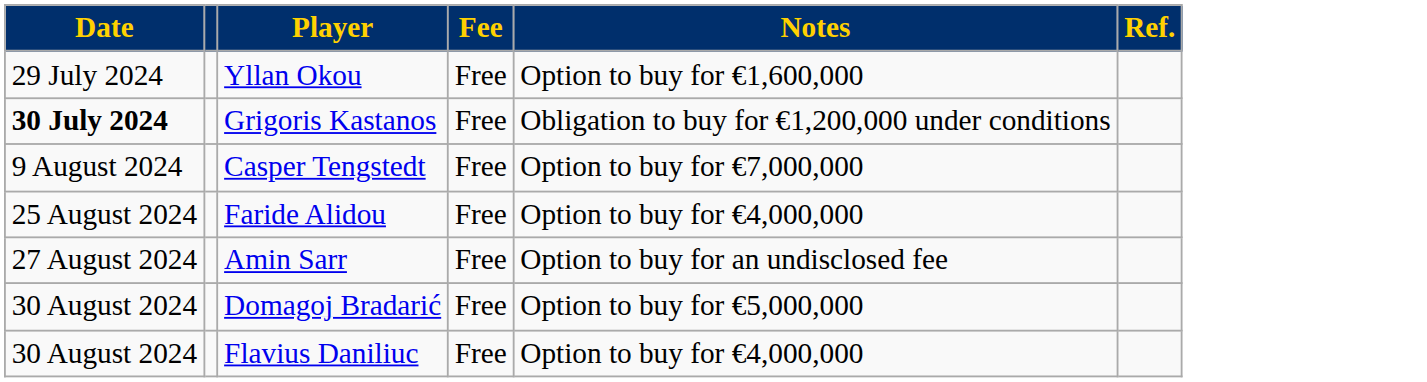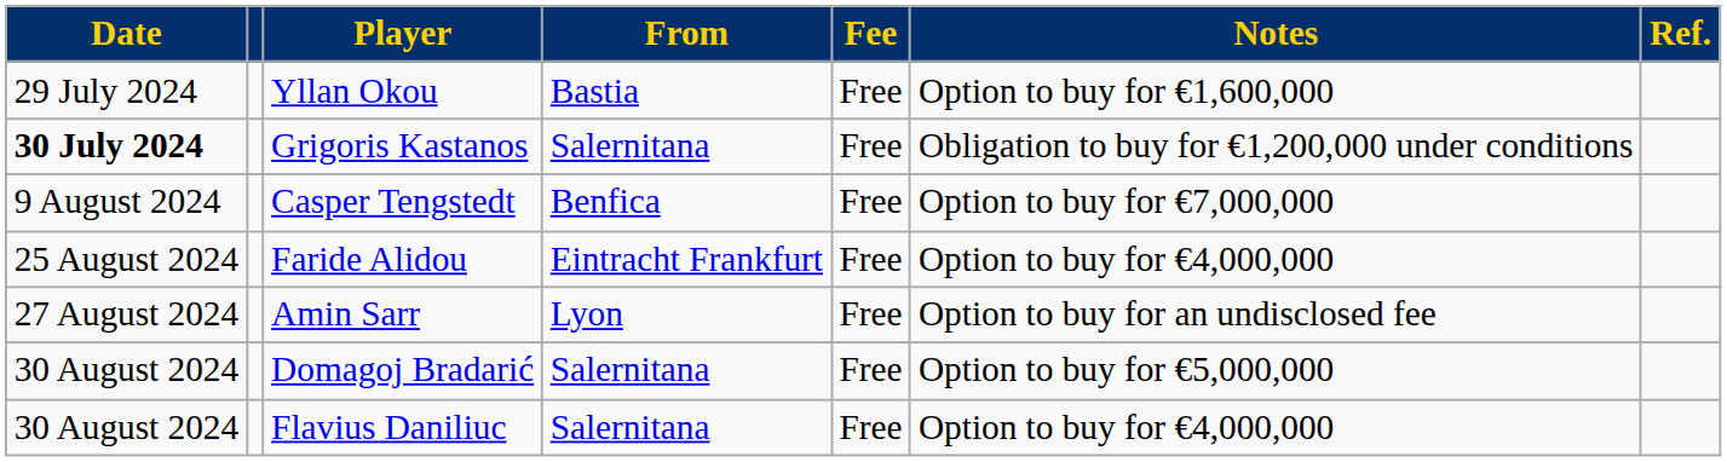 <table class="wikitable plainrowheaders">
 <tr>
 <th style="background:#002F6C;color:#FFD100">Date</th>
 <th style="background:#002F6C;color:#FFD100"></th>
 <th style="background:#002F6C;color:#FFD100">Player</th>
+<th style="background:#002F6C;color:#FFD100">From</th>
 <th style="background:#002F6C;color:#FFD100">Fee</th>
 <th style="background:#002F6C;color:#FFD100">Notes</th>
 <th style="background:#002F6C;color:#FFD100">Ref.</th>
 </tr>
 <tr>
 <td>29 July 2024</td>
 <td align="center"></td>
 <td> <a href='#'>Yllan Okou</a></td>
+<td> <a href='#'>Bastia</a></td>
 <td>Free</td>
 <td>Option to buy for €1,600,000</td>
 <td></td>
 </tr>
 <tr>
 <td><strong>30 July 2024</strong></td>
 <td></td>
 <td> <a href='#'>Grigoris Kastanos</a></td>
+<td> <a href='#'>Salernitana</a></td>
 <td>Free</td>
 <td>Obligation to buy for €1,200,000 under conditions</td>
 <td></td>
 </tr>
 <tr>
 <td>9 August 2024</td>
 <td></td>
 <td> <a href='#'>Casper Tengstedt</a></td>
+<td> <a href='#'>Benfica</a></td>
 <td>Free</td>
 <td>Option to buy for €7,000,000</td>
 <td></td>
 </tr>
 <tr>
 <td>25 August 2024</td>
 <td></td>
 <td> <a href='#'>Faride Alidou</a></td>
+<td> <a href='#'>Eintracht Frankfurt</a></td>
 <td>Free</td>
 <td>Option to buy for €4,000,000</td>
 <td></td>
 </tr>
 <tr>
 <td>27 August 2024</td>
 <td></td>
 <td> <a href='#'>Amin Sarr</a></td>
+<td> <a href='#'>Lyon</a></td>
 <td>Free</td>
 <td>Option to buy for an undisclosed fee</td>
 <td></td>
 </tr>
 <tr>
 <td>30 August 2024</td>
 <td></td>
 <td> <a href='#'>Domagoj Bradarić</a></td>
+<td> <a href='#'>Salernitana</a></td>
 <td>Free</td>
 <td>Option to buy for €5,000,000</td>
 <td></td>
 </tr>
 <tr>
 <td>30 August 2024</td>
 <td></td>
 <td> <a href='#'>Flavius Daniliuc</a></td>
+<td> <a href='#'>Salernitana</a></td>
 <td>Free</td>
 <td>Option to buy for €4,000,000</td>
 <td></td>
 </tr>
 </table>
